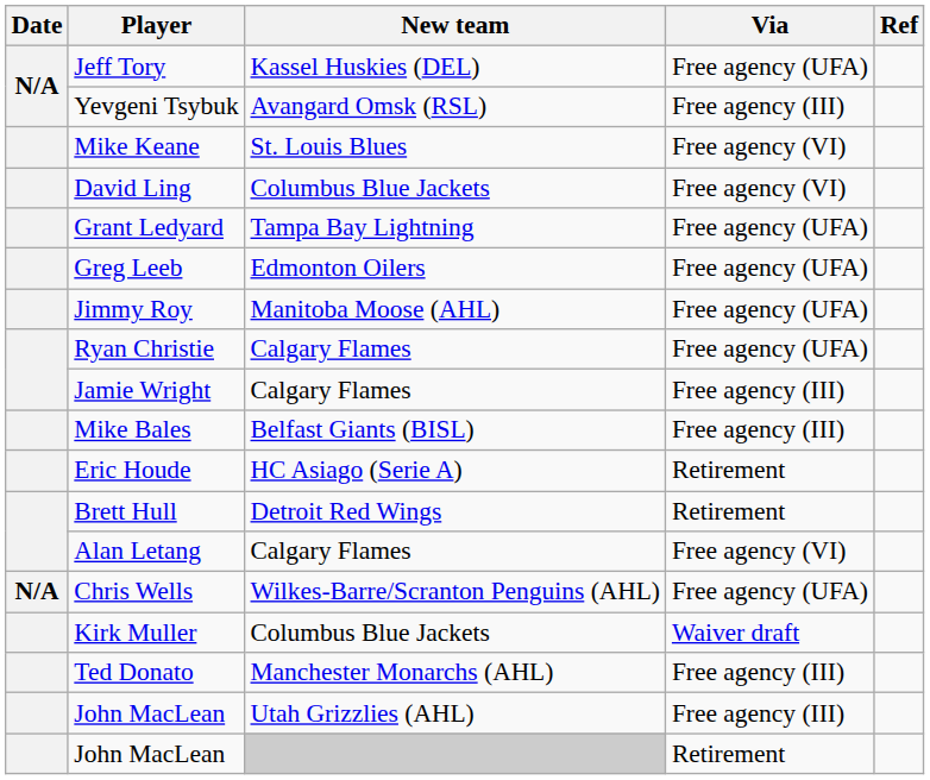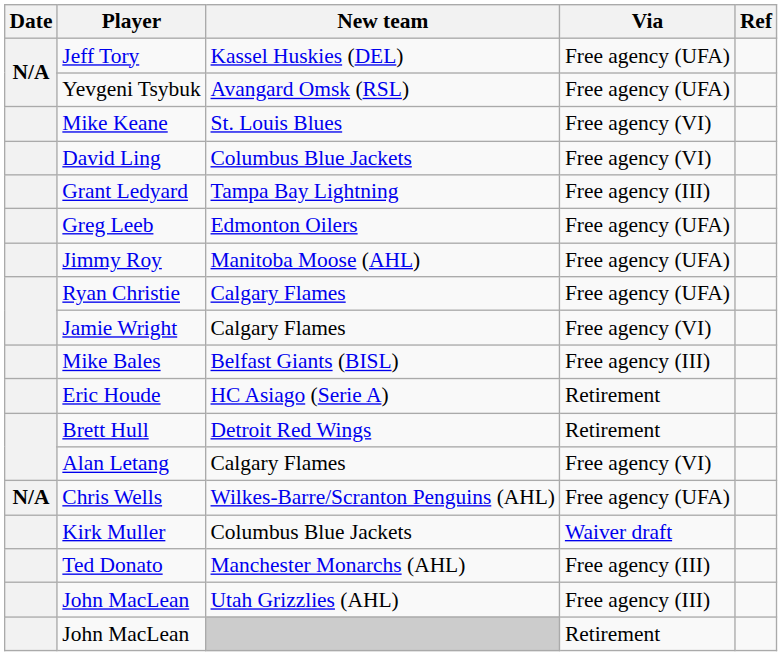 <table class="wikitable plainrowheaders">
 <tr style="background:#ddd; text-align:center;">
 <th>Date</th>
 <th>Player</th>
 <th>New team</th>
 <th>Via</th>
 <th>Ref</th>
 </tr>
 <tr>
 <th scope="row" rowspan=2>N/A</th>
 <td><a href='#'>Jeff Tory</a></td>
 <td><a href='#'>Kassel Huskies</a> (<a href='#'>DEL</a>)</td>
 <td>Free agency (UFA)</td>
 <td></td>
 </tr>
 <tr>
 <td>Yevgeni Tsybuk</td>
 <td><a href='#'>Avangard Omsk</a> (<a href='#'>RSL</a>)</td>
-<td>Free agency (III)</td>
+<td>Free agency (UFA)</td>
 <td></td>
 </tr>
 <tr>
 <th scope="row"></th>
 <td><a href='#'>Mike Keane</a></td>
 <td><a href='#'>St. Louis Blues</a></td>
 <td>Free agency (VI)</td>
 <td></td>
 </tr>
 <tr>
 <th scope="row"></th>
 <td><a href='#'>David Ling</a></td>
 <td><a href='#'>Columbus Blue Jackets</a></td>
 <td>Free agency (VI)</td>
 <td></td>
 </tr>
 <tr>
 <th scope="row"></th>
 <td><a href='#'>Grant Ledyard</a></td>
 <td><a href='#'>Tampa Bay Lightning</a></td>
-<td>Free agency (UFA)</td>
+<td>Free agency (III)</td>
 <td></td>
 </tr>
 <tr>
 <th scope="row"></th>
 <td><a href='#'>Greg Leeb</a></td>
 <td><a href='#'>Edmonton Oilers</a></td>
 <td>Free agency (UFA)</td>
 <td></td>
 </tr>
 <tr>
 <th scope="row"></th>
 <td><a href='#'>Jimmy Roy</a></td>
 <td><a href='#'>Manitoba Moose</a> (<a href='#'>AHL</a>)</td>
 <td>Free agency (UFA)</td>
 <td></td>
 </tr>
 <tr>
 <th scope="row" rowspan=2></th>
 <td><a href='#'>Ryan Christie</a></td>
 <td><a href='#'>Calgary Flames</a></td>
 <td>Free agency (UFA)</td>
 <td></td>
 </tr>
 <tr>
 <td><a href='#'>Jamie Wright</a></td>
 <td>Calgary Flames</td>
-<td>Free agency (III)</td>
+<td>Free agency (VI)</td>
 <td></td>
 </tr>
 <tr>
 <th scope="row"></th>
 <td><a href='#'>Mike Bales</a></td>
 <td><a href='#'>Belfast Giants</a> (<a href='#'>BISL</a>)</td>
 <td>Free agency (III)</td>
 <td></td>
 </tr>
 <tr>
 <th scope="row"></th>
 <td><a href='#'>Eric Houde</a></td>
 <td><a href='#'>HC Asiago</a> (<a href='#'>Serie A</a>)</td>
 <td>Retirement</td>
 <td></td>
 </tr>
 <tr>
 <th scope="row" rowspan=2></th>
 <td><a href='#'>Brett Hull</a></td>
 <td><a href='#'>Detroit Red Wings</a></td>
 <td>Retirement</td>
 <td></td>
 </tr>
 <tr>
 <td><a href='#'>Alan Letang</a></td>
 <td>Calgary Flames</td>
 <td>Free agency (VI)</td>
 <td></td>
 </tr>
 <tr>
 <th scope="row">N/A</th>
 <td><a href='#'>Chris Wells</a></td>
 <td><a href='#'>Wilkes-Barre/Scranton Penguins</a> (AHL)</td>
 <td>Free agency (UFA)</td>
 <td></td>
 </tr>
 <tr>
 <th scope="row"></th>
 <td><a href='#'>Kirk Muller</a></td>
 <td>Columbus Blue Jackets</td>
 <td><a href='#'>Waiver draft</a></td>
 <td></td>
 </tr>
 <tr>
 <th scope="row"></th>
 <td><a href='#'>Ted Donato</a></td>
 <td><a href='#'>Manchester Monarchs</a> (AHL)</td>
 <td>Free agency (III)</td>
 <td></td>
 </tr>
 <tr>
 <th scope="row"></th>
 <td><a href='#'>John MacLean</a></td>
 <td><a href='#'>Utah Grizzlies</a> (AHL)</td>
 <td>Free agency (III)</td>
 <td></td>
 </tr>
 <tr>
 <th scope="row"></th>
 <td>John MacLean</td>
 <td style="background:#ccc"></td>
 <td>Retirement</td>
 <td></td>
 </tr>
 </table>
